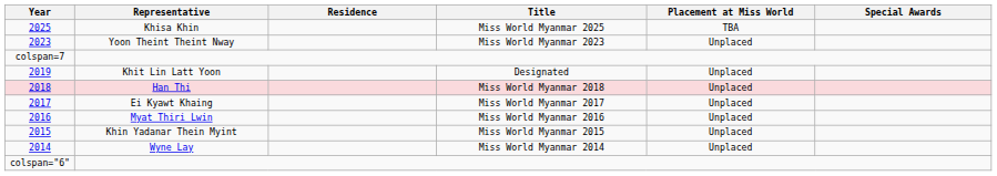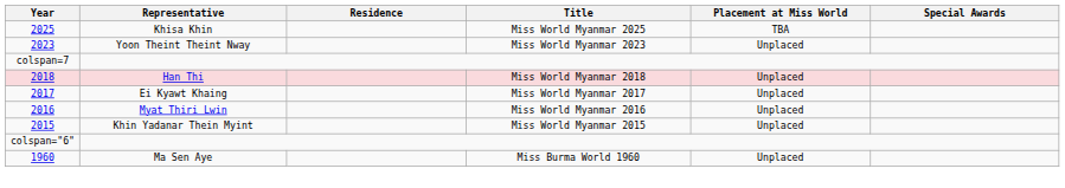 <table class="wikitable sortable" style="font-size: 85%; text-align:center">
 <tr>
 <th width="80">Year</th>
 <th width="230">Representative</th>
 <th width="200">Residence</th>
 <th width="250">Title</th>
 <th width="200">Placement at Miss World</th>
 <th width="210">Special Awards</th>
 </tr>
 <tr>
 <td><a href='#'>2025</a></td>
 <td align="center">Khisa Khin</td>
 <td align="center"></td>
 <td>Miss World Myanmar 2025</td>
 <td align="center">TBA</td>
 <td></td>
 </tr>
 <tr>
 <td><a href='#'>2023</a></td>
 <td align="center">Yoon Theint Theint Nway</td>
 <td align="center"></td>
 <td>Miss World Myanmar 2023</td>
 <td>Unplaced</td>
 <td></td>
 </tr>
 <tr>
 <td>colspan=7</td>
-</tr>
-<tr>
-<td><a href='#'>2019</a></td>
-<td align="center">Khit Lin Latt Yoon</td>
-<td align="center"></td>
-<td>Designated</td>
-<td align="center">Unplaced</td>
-<td></td>
 </tr>
 <tr style="background-color:#FADADD; ">
 <td><a href='#'>2018</a></td>
 <td align="center"><a href='#'>Han Thi</a></td>
 <td align="center"></td>
 <td>Miss World Myanmar 2018</td>
 <td align="center">Unplaced</td>
 <td style="background:;"></td>
 </tr>
 <tr>
 <td><a href='#'>2017</a></td>
 <td align="center">Ei Kyawt Khaing</td>
 <td align="center"></td>
 <td>Miss World Myanmar 2017</td>
 <td align="center">Unplaced</td>
 <td></td>
 </tr>
 <tr>
 <td><a href='#'>2016</a></td>
 <td align="center"><a href='#'>Myat Thiri Lwin</a></td>
 <td align="center"></td>
 <td>Miss World Myanmar 2016</td>
 <td align="center">Unplaced</td>
 <td></td>
 </tr>
 <tr>
 <td><a href='#'>2015</a></td>
 <td align="center">Khin Yadanar Thein Myint</td>
 <td align="center"></td>
 <td>Miss World Myanmar 2015</td>
 <td align="center">Unplaced</td>
 <td></td>
 </tr>
 <tr>
-<td><a href='#'>2014</a></td>
-<td align="center"><a href='#'>Wyne Lay</a></td>
+<td>colspan="6" </td>
+</tr>
+<tr>
+<td><a href='#'>1960</a></td>
+<td align="center">Ma Sen Aye</td>
 <td align="center"></td>
-<td>Miss World Myanmar 2014</td>
+<td>Miss Burma World 1960</td>
 <td align="center">Unplaced</td>
 <td></td>
 </tr>
-<tr>
-<td>colspan="6" </td>
-</tr>
 </table>
